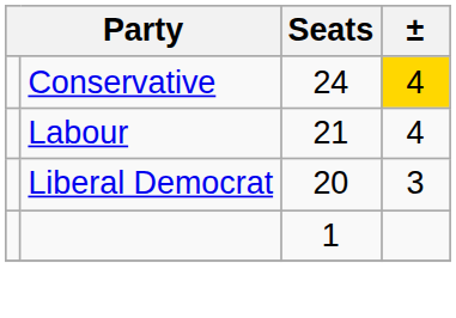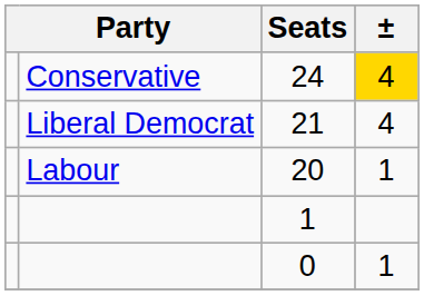 <table class="sortable wikitable">
 <tr>
 <th colspan="2">Party</th>
 <th>Seats</th>
 <th>  ±  </th>
 </tr>
 <tr>
 <td style="background-color: "></td>
 <td><a href='#'>Conservative</a></td>
 <td align="center">24</td>
 <td align="center" style="background: gold;">4</td>
 </tr>
 <tr>
 <td style="background-color: "></td>
-<td><a href='#'>Labour</a></td>
+<td><a href='#'>Liberal Democrat</a></td>
 <td align="center">21</td>
 <td align="center">4</td>
 </tr>
 <tr>
 <td style="background-color: "></td>
-<td><a href='#'>Liberal Democrat</a></td>
+<td><a href='#'>Labour</a></td>
 <td align="center">20</td>
-<td align="center">3</td>
+<td align="center">1</td>
 </tr>
 <tr>
 <td style="background-color: "></td>
 <td><a href='#'></a></td>
 <td align="center">1</td>
 <td align="center"></td>
 </tr>
 <tr>
+<td style="background-color: "></td>
+<td><a href='#'></a></td>
+<td align="center">0</td>
+<td align="center">1</td>
+</tr>
+<tr>
 </tr>
 </table>
